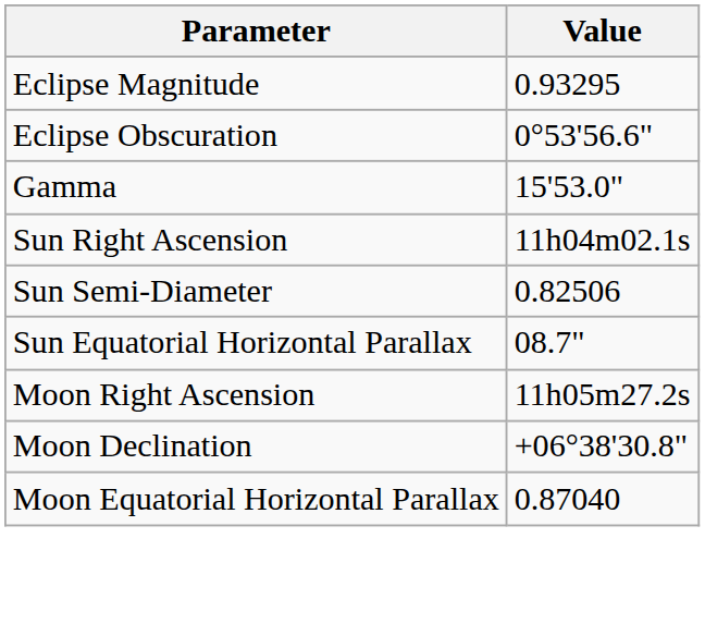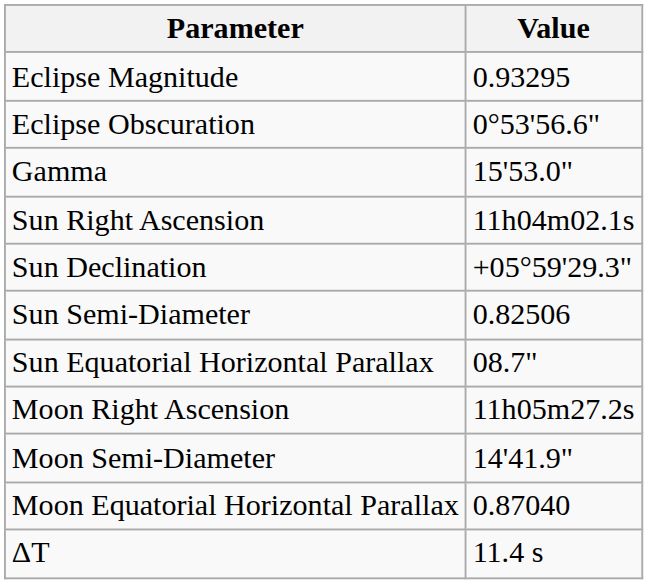 <table class="wikitable">
 <tr>
 <th>Parameter</th>
 <th>Value</th>
 </tr>
 <tr>
 <td>Eclipse Magnitude</td>
 <td>0.93295</td>
 </tr>
 <tr>
 <td>Eclipse Obscuration</td>
 <td>0°53'56.6"</td>
 </tr>
 <tr>
 <td>Gamma</td>
 <td>15'53.0"</td>
 </tr>
 <tr>
 <td>Sun Right Ascension</td>
 <td>11h04m02.1s</td>
 </tr>
 <tr>
+<td>Sun Declination</td>
+<td>+05°59'29.3"</td>
+</tr>
+<tr>
 <td>Sun Semi-Diameter</td>
 <td>0.82506</td>
 </tr>
 <tr>
 <td>Sun Equatorial Horizontal Parallax</td>
 <td>08.7"</td>
 </tr>
 <tr>
 <td>Moon Right Ascension</td>
 <td>11h05m27.2s</td>
 </tr>
 <tr>
-<td>Moon Declination</td>
-<td>+06°38'30.8"</td>
+<td>Moon Semi-Diameter</td>
+<td>14'41.9"</td>
 </tr>
 <tr>
 <td>Moon Equatorial Horizontal Parallax</td>
 <td>0.87040</td>
 </tr>
+<tr>
+<td>ΔT</td>
+<td>11.4 s</td>
+</tr>
 </table>
